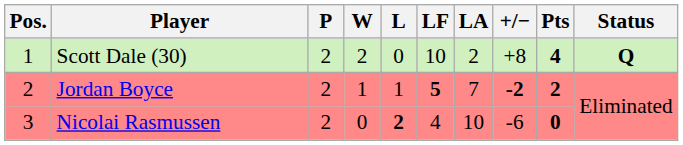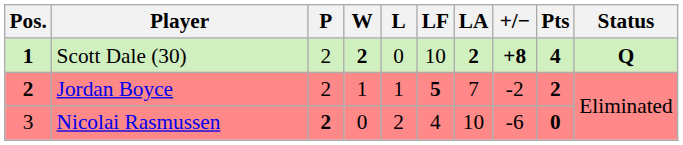 <table class="wikitable" style="text-align:center; margin: 1em auto 1em auto, align:left">
 <tr>
 <th width=20>Pos.</th>
 <th width=185>Player</th>
 <th width=20>P</th>
 <th width=20>W</th>
 <th width=20>L</th>
 <th width=20>LF</th>
 <th width=20>LA</th>
 <th width=25>+/−</th>
 <th width=20>Pts</th>
 <th width=70>Status</th>
 </tr>
 <tr style="background:#D0F0C0;">
-<td>1</td>
+<td><strong>1</strong></td>
 <td align=left> Scott Dale (30)</td>
 <td>2</td>
-<td>2</td>
+<td><strong>2</strong></td>
 <td>0</td>
 <td>10</td>
-<td>2</td>
-<td>+8</td>
+<td><strong>2</strong></td>
+<td><strong>+8</strong></td>
 <td><strong>4</strong></td>
 <td rowspan=1><strong>Q</strong></td>
 </tr>
 <tr style="background:#FF8888;">
-<td>2</td>
+<td><strong>2</strong></td>
 <td align=left> <a href='#'>Jordan Boyce</a></td>
 <td>2</td>
 <td>1</td>
 <td>1</td>
 <td><strong>5</strong></td>
 <td>7</td>
-<td><strong>-2</strong></td>
+<td>-2</td>
 <td><strong>2</strong></td>
 <td rowspan=2>Eliminated</td>
 </tr>
 <tr style="background:#FF8888;">
 <td>3</td>
 <td align=left> <a href='#'>Nicolai Rasmussen</a></td>
+<td><strong>2</strong></td>
+<td>0</td>
 <td>2</td>
-<td>0</td>
-<td><strong>2</strong></td>
 <td>4</td>
 <td>10</td>
 <td>-6</td>
 <td><strong>0</strong></td>
 </tr>
 </table>
